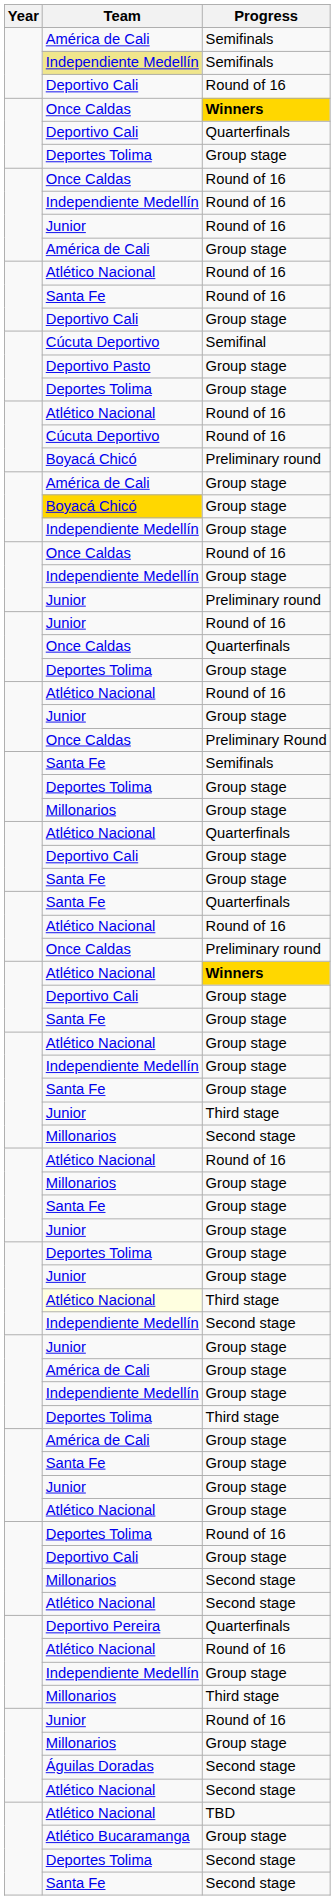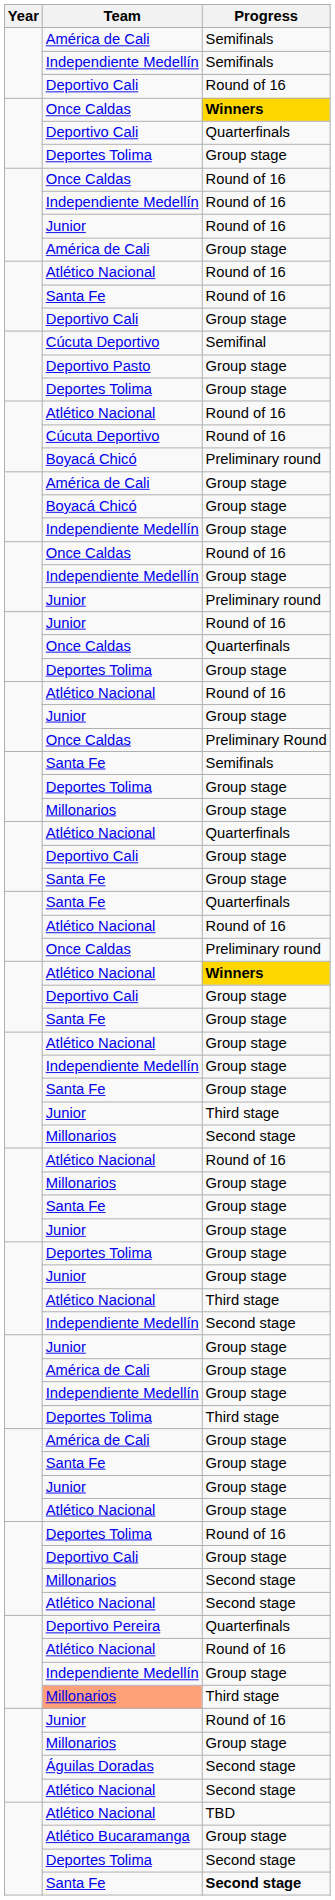 <table class="wikitable">
 <tr>
 <th>Year</th>
 <th>Team</th>
 <th>Progress</th>
 </tr>
 <tr align=left>
 <td rowspan=3></td>
 <td><a href='#'>América de Cali</a></td>
 <td>Semifinals</td>
 </tr>
 <tr align=left>
-<td style="background: khaki;"><a href='#'>Independiente Medellín</a></td>
+<td><a href='#'>Independiente Medellín</a></td>
 <td>Semifinals</td>
 </tr>
 <tr align=left>
 <td><a href='#'>Deportivo Cali</a></td>
 <td>Round of 16</td>
 </tr>
 <tr align=left>
 <td rowspan=3></td>
 <td><a href='#'>Once Caldas</a></td>
 <td bgcolor="gold"><strong>Winners</strong></td>
 </tr>
 <tr align=left>
 <td><a href='#'>Deportivo Cali</a></td>
 <td>Quarterfinals</td>
 </tr>
 <tr align=left>
 <td><a href='#'>Deportes Tolima</a></td>
 <td>Group stage</td>
 </tr>
 <tr align=left>
 <td rowspan=4></td>
 <td><a href='#'>Once Caldas</a></td>
 <td>Round of 16</td>
 </tr>
 <tr align=left>
 <td><a href='#'>Independiente Medellín</a></td>
 <td>Round of 16</td>
 </tr>
 <tr align=left>
 <td><a href='#'>Junior</a></td>
 <td>Round of 16</td>
 </tr>
 <tr align=left>
 <td><a href='#'>América de Cali</a></td>
 <td>Group stage</td>
 </tr>
 <tr align=left>
 <td rowspan=3></td>
 <td><a href='#'>Atlético Nacional</a></td>
 <td>Round of 16</td>
 </tr>
 <tr align=left>
 <td><a href='#'>Santa Fe</a></td>
 <td>Round of 16</td>
 </tr>
 <tr align=left>
 <td><a href='#'>Deportivo Cali</a></td>
 <td>Group stage</td>
 </tr>
 <tr align=left>
 <td rowspan=3></td>
 <td><a href='#'>Cúcuta Deportivo</a></td>
 <td>Semifinal</td>
 </tr>
 <tr align=left>
 <td><a href='#'>Deportivo Pasto</a></td>
 <td>Group stage</td>
 </tr>
 <tr align=left>
 <td><a href='#'>Deportes Tolima</a></td>
 <td>Group stage</td>
 </tr>
 <tr align=left>
 <td rowspan=3></td>
 <td><a href='#'>Atlético Nacional</a></td>
 <td>Round of 16</td>
 </tr>
 <tr align=left>
 <td><a href='#'>Cúcuta Deportivo</a></td>
 <td>Round of 16</td>
 </tr>
 <tr align=left>
 <td><a href='#'>Boyacá Chicó</a></td>
 <td>Preliminary round</td>
 </tr>
 <tr align=left>
 <td rowspan=3></td>
 <td><a href='#'>América de Cali</a></td>
 <td>Group stage</td>
 </tr>
 <tr align=left>
-<td style="background: gold;"><a href='#'>Boyacá Chicó</a></td>
+<td><a href='#'>Boyacá Chicó</a></td>
 <td>Group stage</td>
 </tr>
 <tr align=left>
 <td><a href='#'>Independiente Medellín</a></td>
 <td>Group stage</td>
 </tr>
 <tr align=left>
 <td rowspan=3></td>
 <td><a href='#'>Once Caldas</a></td>
 <td>Round of 16</td>
 </tr>
 <tr align=left>
 <td><a href='#'>Independiente Medellín</a></td>
 <td>Group stage</td>
 </tr>
 <tr align=left>
 <td><a href='#'>Junior</a></td>
 <td>Preliminary round</td>
 </tr>
 <tr align=left>
 <td rowspan=3></td>
 <td><a href='#'>Junior</a></td>
 <td>Round of 16</td>
 </tr>
 <tr align=left>
 <td><a href='#'>Once Caldas</a></td>
 <td>Quarterfinals</td>
 </tr>
 <tr align=left>
 <td><a href='#'>Deportes Tolima</a></td>
 <td>Group stage</td>
 </tr>
 <tr align=left>
 <td rowspan=3></td>
 <td><a href='#'>Atlético Nacional</a></td>
 <td>Round of 16</td>
 </tr>
 <tr align=left>
 <td><a href='#'>Junior</a></td>
 <td>Group stage</td>
 </tr>
 <tr align=left>
 <td><a href='#'>Once Caldas</a></td>
 <td>Preliminary Round</td>
 </tr>
 <tr align=left>
 <td rowspan=3></td>
 <td><a href='#'>Santa Fe</a></td>
 <td>Semifinals</td>
 </tr>
 <tr align=left>
 <td><a href='#'>Deportes Tolima</a></td>
 <td>Group stage</td>
 </tr>
 <tr align=left>
 <td><a href='#'>Millonarios</a></td>
 <td>Group stage</td>
 </tr>
 <tr align=left>
 <td rowspan=3></td>
 <td><a href='#'>Atlético Nacional</a></td>
 <td>Quarterfinals</td>
 </tr>
 <tr align=left>
 <td><a href='#'>Deportivo Cali</a></td>
 <td>Group stage</td>
 </tr>
 <tr align=left>
 <td><a href='#'>Santa Fe</a></td>
 <td>Group stage</td>
 </tr>
 <tr align=left>
 <td rowspan=3></td>
 <td><a href='#'>Santa Fe</a></td>
 <td>Quarterfinals</td>
 </tr>
 <tr align=left>
 <td><a href='#'>Atlético Nacional</a></td>
 <td>Round of 16</td>
 </tr>
 <tr align=left>
 <td><a href='#'>Once Caldas</a></td>
 <td>Preliminary round</td>
 </tr>
 <tr align=left>
 <td rowspan=3></td>
 <td><a href='#'>Atlético Nacional</a></td>
 <td bgcolor="gold"><strong>Winners</strong></td>
 </tr>
 <tr align=left>
 <td><a href='#'>Deportivo Cali</a></td>
 <td>Group stage</td>
 </tr>
 <tr align=left>
 <td><a href='#'>Santa Fe</a></td>
 <td>Group stage</td>
 </tr>
 <tr align=left>
 <td rowspan=5></td>
 <td><a href='#'>Atlético Nacional</a></td>
 <td>Group stage</td>
 </tr>
 <tr align=left>
 <td><a href='#'>Independiente Medellín</a></td>
 <td>Group stage</td>
 </tr>
 <tr align=left>
 <td><a href='#'>Santa Fe</a></td>
 <td>Group stage</td>
 </tr>
 <tr align=left>
 <td><a href='#'>Junior</a></td>
 <td>Third stage</td>
 </tr>
 <tr align=left>
 <td><a href='#'>Millonarios</a></td>
 <td>Second stage</td>
 </tr>
 <tr align=left>
 <td rowspan=4></td>
 <td><a href='#'>Atlético Nacional</a></td>
 <td>Round of 16</td>
 </tr>
 <tr align=left>
 <td><a href='#'>Millonarios</a></td>
 <td>Group stage</td>
 </tr>
 <tr align=left>
 <td><a href='#'>Santa Fe</a></td>
 <td>Group stage</td>
 </tr>
 <tr align=left>
 <td><a href='#'>Junior</a></td>
 <td>Group stage</td>
 </tr>
 <tr align=left>
 <td rowspan=4></td>
 <td><a href='#'>Deportes Tolima</a></td>
 <td>Group stage</td>
 </tr>
 <tr align=left>
 <td><a href='#'>Junior</a></td>
 <td>Group stage</td>
 </tr>
 <tr align=left>
-<td style="background: lightyellow;"><a href='#'>Atlético Nacional</a></td>
+<td><a href='#'>Atlético Nacional</a></td>
 <td>Third stage</td>
 </tr>
 <tr align=left>
 <td><a href='#'>Independiente Medellín</a></td>
 <td>Second stage</td>
 </tr>
 <tr align=left>
 <td rowspan=4></td>
 <td><a href='#'>Junior</a></td>
 <td>Group stage</td>
 </tr>
 <tr align=left>
 <td><a href='#'>América de Cali</a></td>
 <td>Group stage</td>
 </tr>
 <tr align=left>
 <td><a href='#'>Independiente Medellín</a></td>
 <td>Group stage</td>
 </tr>
 <tr align=left>
 <td><a href='#'>Deportes Tolima</a></td>
 <td>Third stage</td>
 </tr>
 <tr align=left>
 <td rowspan=4></td>
 <td><a href='#'>América de Cali</a></td>
 <td>Group stage</td>
 </tr>
 <tr align=left>
 <td><a href='#'>Santa Fe</a></td>
 <td>Group stage</td>
 </tr>
 <tr align=left>
 <td><a href='#'>Junior</a></td>
 <td>Group stage</td>
 </tr>
 <tr align=left>
 <td><a href='#'>Atlético Nacional</a></td>
 <td>Group stage</td>
 </tr>
 <tr align=left>
 <td rowspan=4></td>
 <td><a href='#'>Deportes Tolima</a></td>
 <td>Round of 16</td>
 </tr>
 <tr align=left>
 <td><a href='#'>Deportivo Cali</a></td>
 <td>Group stage</td>
 </tr>
 <tr align=left>
 <td><a href='#'>Millonarios</a></td>
 <td>Second stage</td>
 </tr>
 <tr align=left>
 <td><a href='#'>Atlético Nacional</a></td>
 <td>Second stage</td>
 </tr>
 <tr align=left>
 <td rowspan=4></td>
 <td><a href='#'>Deportivo Pereira</a></td>
 <td>Quarterfinals</td>
 </tr>
 <tr align=left>
 <td><a href='#'>Atlético Nacional</a></td>
 <td>Round of 16</td>
 </tr>
 <tr align=left>
 <td><a href='#'>Independiente Medellín</a></td>
 <td>Group stage</td>
 </tr>
 <tr align=left>
-<td><a href='#'>Millonarios</a></td>
+<td style="background: lightsalmon;"><a href='#'>Millonarios</a></td>
 <td>Third stage</td>
 </tr>
 <tr align=left>
 <td rowspan=4></td>
 <td><a href='#'>Junior</a></td>
 <td>Round of 16</td>
 </tr>
 <tr align=left>
 <td><a href='#'>Millonarios</a></td>
 <td>Group stage</td>
 </tr>
 <tr align=left>
 <td><a href='#'>Águilas Doradas</a></td>
 <td>Second stage</td>
 </tr>
 <tr align=left>
 <td><a href='#'>Atlético Nacional</a></td>
 <td>Second stage</td>
 </tr>
 <tr align=left>
 <td rowspan=4></td>
 <td><a href='#'>Atlético Nacional</a></td>
 <td>TBD</td>
 </tr>
 <tr align=left>
 <td><a href='#'>Atlético Bucaramanga</a></td>
 <td>Group stage</td>
 </tr>
 <tr align=left>
 <td><a href='#'>Deportes Tolima</a></td>
 <td>Second stage</td>
 </tr>
 <tr align=left>
 <td><a href='#'>Santa Fe</a></td>
-<td>Second stage</td>
+<td><strong>Second stage</strong></td>
 </tr>
 </table>
